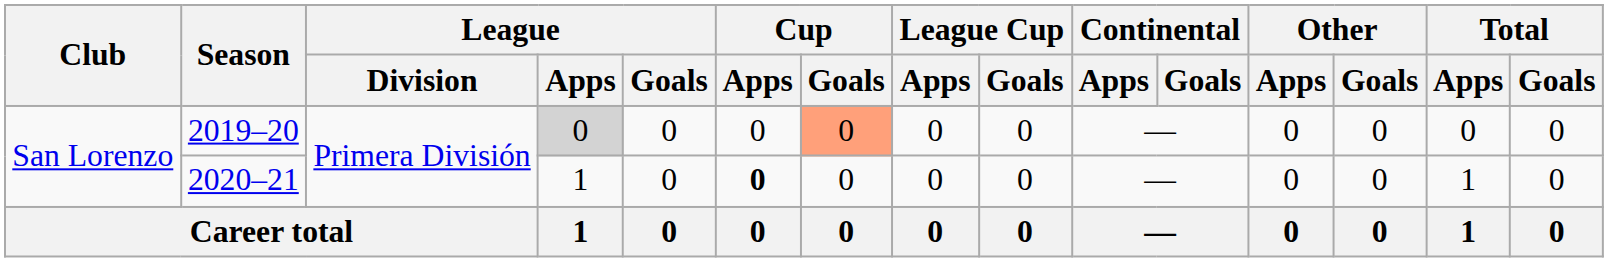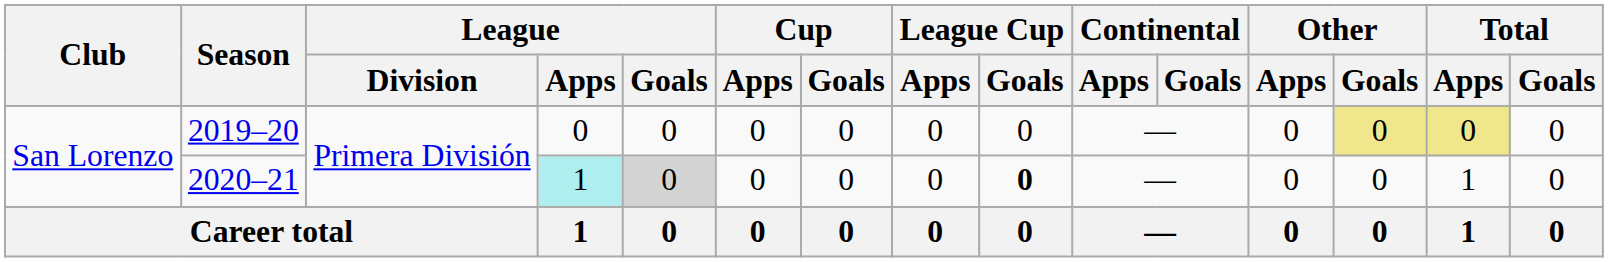 <table class="wikitable" style="text-align:center">
 <tr>
 <th rowspan="2">Club</th>
 <th rowspan="2">Season</th>
 <th colspan="3">League</th>
 <th colspan="2">Cup</th>
 <th colspan="2">League Cup</th>
 <th colspan="2">Continental</th>
 <th colspan="2">Other</th>
 <th colspan="2">Total</th>
 </tr>
 <tr>
 <th>Division</th>
 <th>Apps</th>
 <th>Goals</th>
 <th>Apps</th>
 <th>Goals</th>
 <th>Apps</th>
 <th>Goals</th>
 <th>Apps</th>
 <th>Goals</th>
 <th>Apps</th>
 <th>Goals</th>
 <th>Apps</th>
 <th>Goals</th>
 </tr>
 <tr>
 <td rowspan="2"><a href='#'>San Lorenzo</a></td>
 <td><a href='#'>2019–20</a></td>
 <td rowspan="2"><a href='#'>Primera División</a></td>
-<td style="background: lightgrey;">0</td>
 <td>0</td>
 <td>0</td>
-<td style="background: lightsalmon;">0</td>
+<td>0</td>
+<td>0</td>
 <td>0</td>
 <td>0</td>
 <td colspan="2">—</td>
 <td>0</td>
-<td>0</td>
-<td>0</td>
+<td style="background: khaki;">0</td>
+<td style="background: khaki;">0</td>
 <td>0</td>
 </tr>
 <tr>
 <td><a href='#'>2020–21</a></td>
-<td>1</td>
-<td>0</td>
-<td><strong>0</strong></td>
+<td style="background: paleturquoise;">1</td>
+<td style="background: lightgrey;">0</td>
 <td>0</td>
 <td>0</td>
 <td>0</td>
+<td><strong>0</strong></td>
 <td colspan="2">—</td>
 <td>0</td>
 <td>0</td>
 <td>1</td>
 <td>0</td>
 </tr>
 <tr>
 <th colspan="3">Career total</th>
 <th>1</th>
 <th>0</th>
 <th>0</th>
 <th>0</th>
 <th>0</th>
 <th>0</th>
 <th colspan="2">—</th>
 <th>0</th>
 <th>0</th>
 <th>1</th>
 <th>0</th>
 </tr>
 </table>
